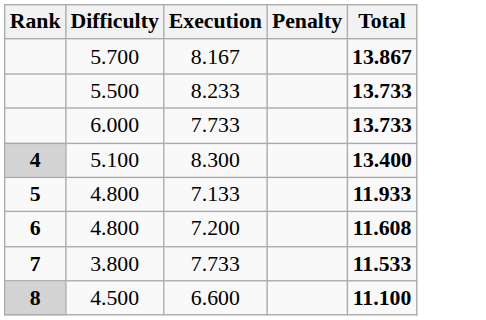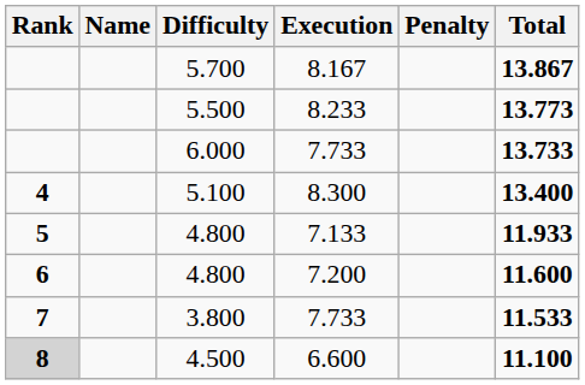 <table class="wikitable sortable" style="text-align:center">
 <tr>
 <th>Rank</th>
+<th>Name</th>
 <th>Difficulty</th>
 <th>Execution</th>
 <th>Penalty</th>
 <th>Total</th>
 </tr>
 <tr>
 <td></td>
+<td align="left"></td>
 <td>5.700</td>
 <td>8.167</td>
 <td></td>
 <td><strong>13.867</strong></td>
 </tr>
 <tr>
 <td></td>
+<td align="left"></td>
 <td>5.500</td>
 <td>8.233</td>
 <td></td>
-<td><strong>13.733</strong></td>
+<td><strong>13.773</strong></td>
 </tr>
 <tr>
 <td></td>
+<td align="left"></td>
 <td>6.000</td>
 <td>7.733</td>
 <td></td>
 <td><strong>13.733</strong></td>
 </tr>
 <tr>
-<td style="background: lightgrey;"><strong>4</strong></td>
+<td><strong>4</strong></td>
+<td align="left"></td>
 <td>5.100</td>
 <td>8.300</td>
 <td></td>
 <td><strong>13.400</strong></td>
 </tr>
 <tr>
 <td><strong>5</strong></td>
+<td align="left"></td>
 <td>4.800</td>
 <td>7.133</td>
 <td></td>
 <td><strong>11.933</strong></td>
 </tr>
 <tr>
 <td><strong>6</strong></td>
+<td align="left"></td>
 <td>4.800</td>
 <td>7.200</td>
 <td></td>
-<td><strong>11.608</strong></td>
+<td><strong>11.600</strong></td>
 </tr>
 <tr>
 <td><strong>7</strong></td>
+<td align="left"></td>
 <td>3.800</td>
 <td>7.733</td>
 <td></td>
 <td><strong>11.533</strong></td>
 </tr>
 <tr>
 <td style="background: lightgrey;"><strong>8</strong></td>
+<td align="left"></td>
 <td>4.500</td>
 <td>6.600</td>
 <td></td>
 <td><strong>11.100</strong></td>
 </tr>
 </table>
